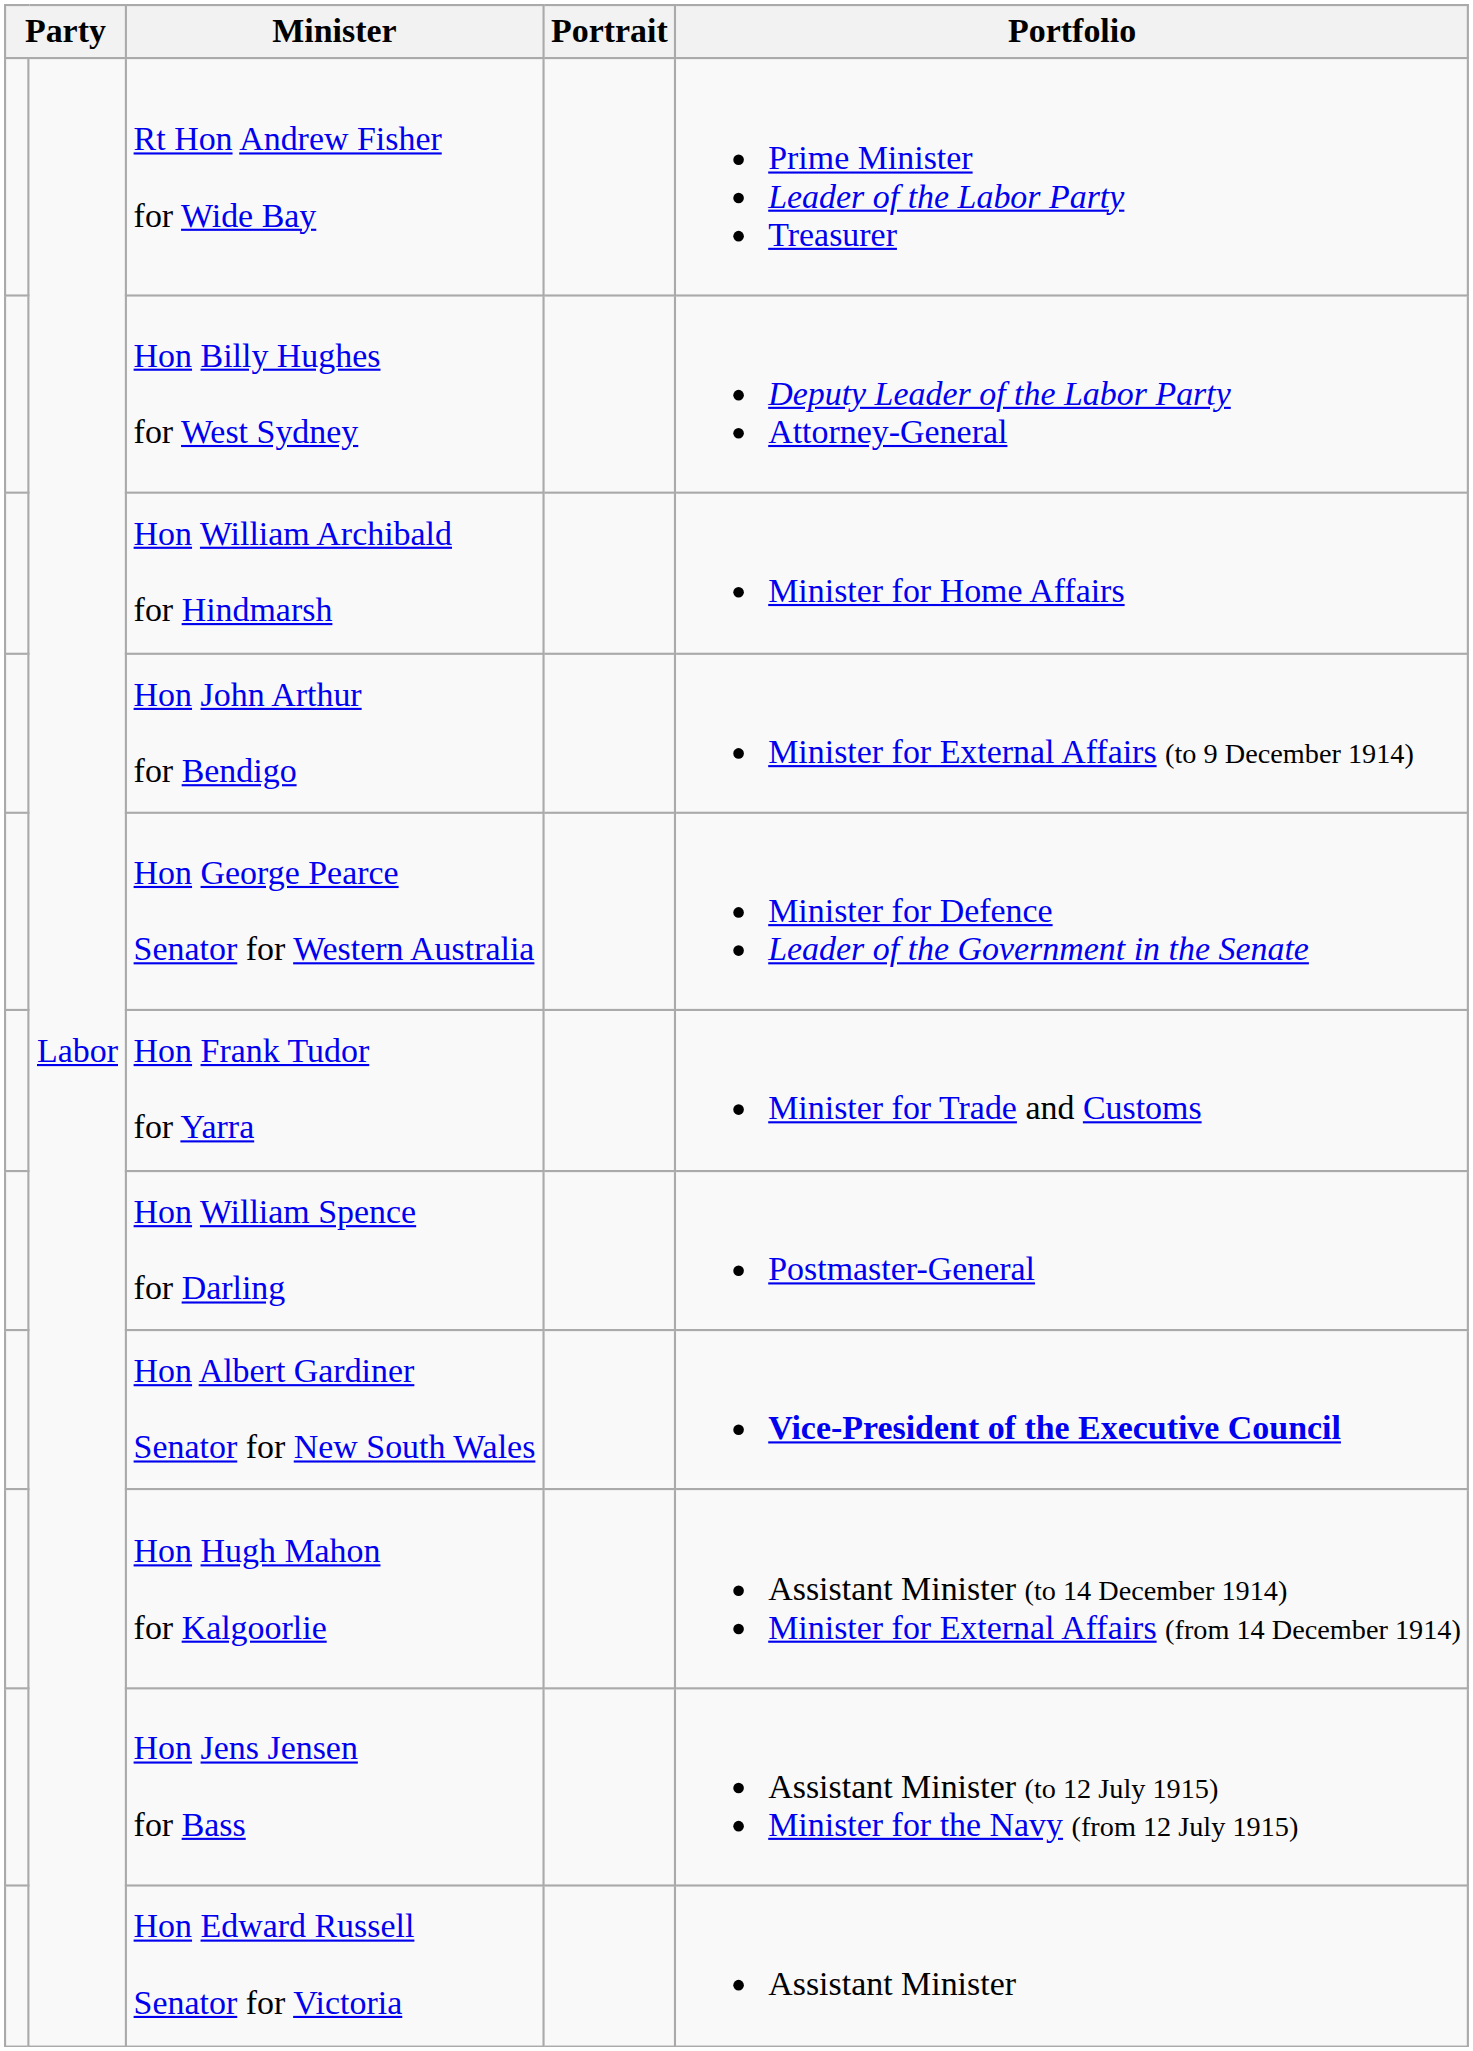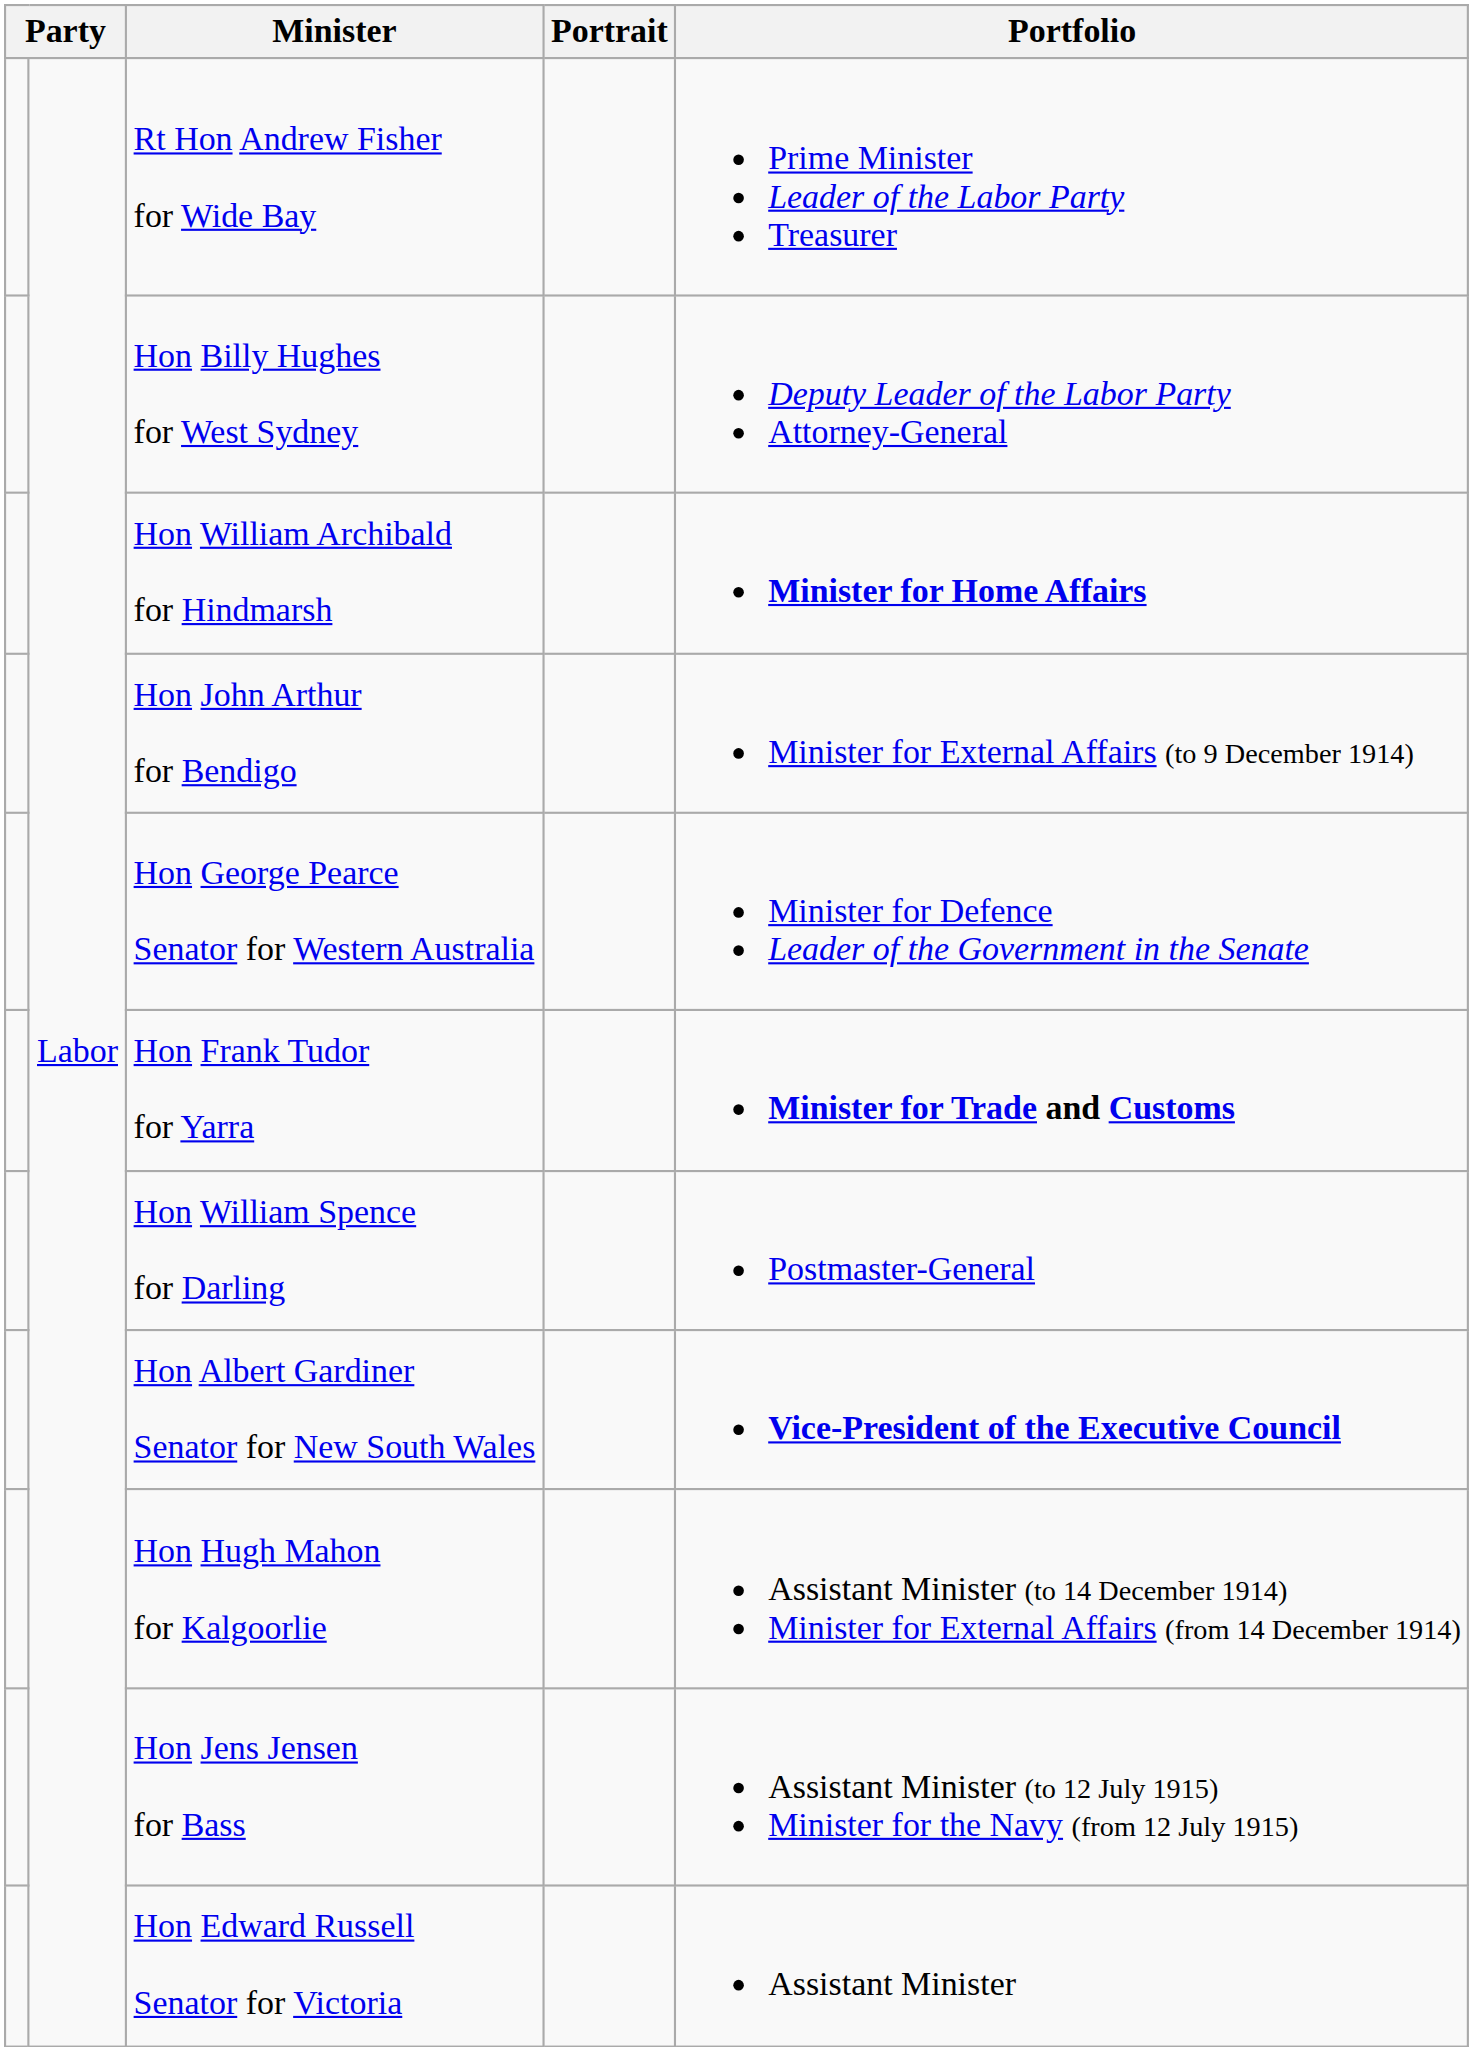 <table class="wikitable sortable">
 <tr>
 <th colspan="2">Party</th>
 <th>Minister</th>
 <th>Portrait</th>
 <th>Portfolio</th>
 </tr>
 <tr>
 <td> </td>
 <td rowspan=11><a href='#'>Labor</a></td>
 <td><a href='#'>Rt Hon</a> <a href='#'>Andrew Fisher</a> <br><br> for <a href='#'>Wide Bay</a> <br></td>
 <td></td>
 <td><br><ul><li><a href='#'>Prime Minister</a></li><li><em><a href='#'>Leader of the Labor Party</a></em></li><li><a href='#'>Treasurer</a></li></ul></td>
 </tr>
 <tr>
 <td> </td>
 <td><a href='#'>Hon</a> <a href='#'>Billy Hughes</a>  <br><br> for <a href='#'>West Sydney</a> <br></td>
 <td></td>
 <td><br><ul><li><em><a href='#'>Deputy Leader of the Labor Party</a></em></li><li><a href='#'>Attorney-General</a></li></ul></td>
 </tr>
 <tr>
 <td> </td>
 <td><a href='#'>Hon</a> <a href='#'>William Archibald</a> <br><br> for <a href='#'>Hindmarsh</a> <br></td>
 <td></td>
-<td><br><ul><li><a href='#'>Minister for Home Affairs</a></li></ul></td>
+<td><strong><br><ul><li><a href='#'>Minister for Home Affairs</a></li></ul></strong></td>
 </tr>
 <tr>
 <td> </td>
 <td><a href='#'>Hon</a> <a href='#'>John Arthur</a> <br><br> for <a href='#'>Bendigo</a> <br></td>
 <td></td>
 <td><br><ul><li><a href='#'>Minister for External Affairs</a> <small>(to 9 December 1914)</small></li></ul></td>
 </tr>
 <tr>
 <td> </td>
 <td><a href='#'>Hon</a> <a href='#'>George Pearce</a> <br><br><a href='#'>Senator</a> for <a href='#'>Western Australia</a> <br></td>
 <td></td>
 <td><br><ul><li><a href='#'>Minister for Defence</a></li><li><em><a href='#'>Leader of the Government in the Senate</a></em></li></ul></td>
 </tr>
 <tr>
 <td> </td>
 <td><a href='#'>Hon</a> <a href='#'>Frank Tudor</a> <br><br> for <a href='#'>Yarra</a> <br></td>
 <td></td>
-<td><br><ul><li><a href='#'>Minister for Trade</a> and <a href='#'>Customs</a></li></ul></td>
+<td><strong><br><ul><li><a href='#'>Minister for Trade</a> and <a href='#'>Customs</a></li></ul></strong></td>
 </tr>
 <tr>
 <td> </td>
 <td><a href='#'>Hon</a> <a href='#'>William Spence</a> <br><br> for <a href='#'>Darling</a> <br></td>
 <td></td>
 <td><br><ul><li><a href='#'>Postmaster-General</a></li></ul></td>
 </tr>
 <tr>
 <td> </td>
 <td><a href='#'>Hon</a> <a href='#'>Albert Gardiner</a> <br><br><a href='#'>Senator</a> for <a href='#'>New South Wales</a> <br></td>
 <td></td>
 <td><strong><br><ul><li><a href='#'>Vice-President of the Executive Council</a></li></ul></strong></td>
 </tr>
 <tr>
 <td> </td>
 <td><a href='#'>Hon</a> <a href='#'>Hugh Mahon</a> <br><br> for <a href='#'>Kalgoorlie</a> <br></td>
 <td></td>
 <td><br><ul><li>Assistant Minister <small>(to 14 December 1914)</small></li><li><a href='#'>Minister for External Affairs</a> <small>(from 14 December 1914)</small></li></ul></td>
 </tr>
 <tr>
 <td> </td>
 <td><a href='#'>Hon</a> <a href='#'>Jens Jensen</a> <br><br> for <a href='#'>Bass</a> <br></td>
 <td></td>
 <td><br><ul><li>Assistant Minister <small>(to 12 July 1915)</small></li><li><a href='#'>Minister for the Navy</a> <small>(from 12 July 1915)</small></li></ul></td>
 </tr>
 <tr>
 <td> </td>
 <td><a href='#'>Hon</a> <a href='#'>Edward Russell</a> <br><br><a href='#'>Senator</a> for <a href='#'>Victoria</a> <br></td>
 <td></td>
 <td><br><ul><li>Assistant Minister</li></ul></td>
 </tr>
 </table>
